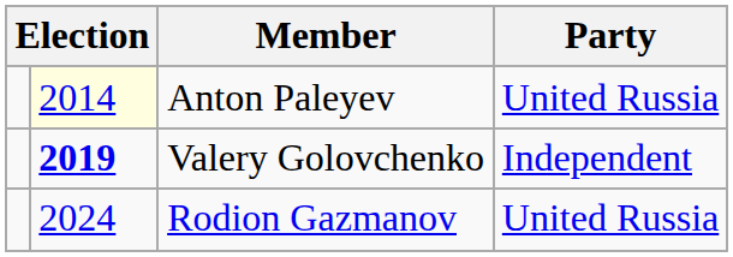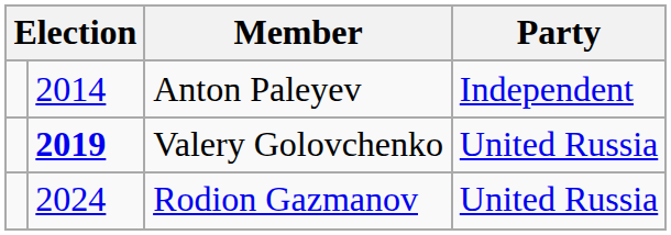 <table class="wikitable">
 <tr>
 <th colspan="2">Election</th>
 <th>Member</th>
 <th>Party</th>
 </tr>
 <tr>
 <td style="background-color:"></td>
-<td style="background: lightyellow;"><a href='#'>2014</a></td>
+<td><a href='#'>2014</a></td>
 <td>Anton Paleyev</td>
-<td><a href='#'>United Russia</a></td>
+<td><a href='#'>Independent</a></td>
 </tr>
 <tr>
 <td style="background-color:"></td>
 <td><strong><a href='#'>2019</a></strong></td>
 <td>Valery Golovchenko</td>
-<td><a href='#'>Independent</a></td>
+<td><a href='#'>United Russia</a></td>
 </tr>
 <tr>
 <td style="background-color:"></td>
 <td><a href='#'>2024</a></td>
 <td><a href='#'>Rodion Gazmanov</a></td>
 <td><a href='#'>United Russia</a></td>
 </tr>
 </table>
